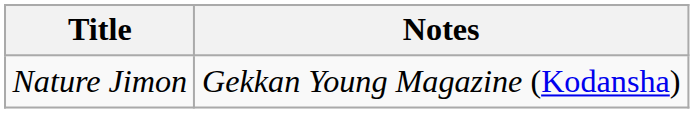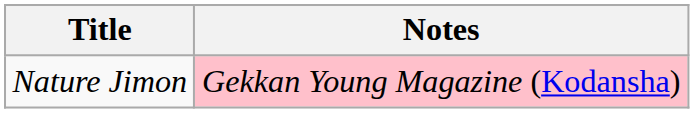 <table class="wikitable">
 <tr>
 <th>Title</th>
 <th>Notes</th>
 </tr>
 <tr>
 <td><em>Nature Jimon</em></td>
-<td><em>Gekkan Young Magazine</em> (<a href='#'>Kodansha</a>)</td>
+<td style="background: pink;"><em>Gekkan Young Magazine</em> (<a href='#'>Kodansha</a>)</td>
 </tr>
 </table>
